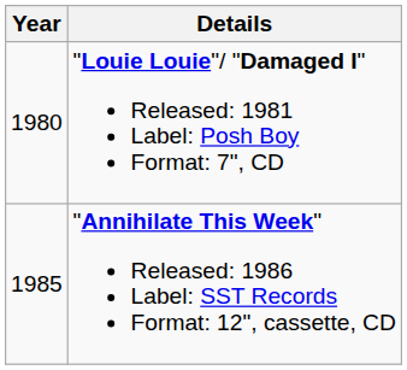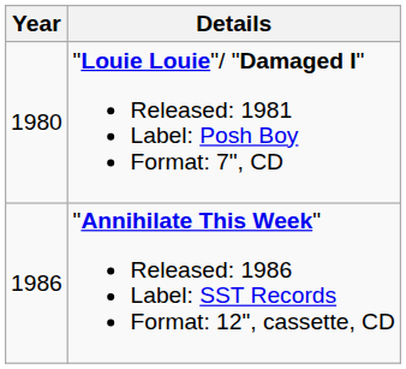 <table class ="wikitable">
 <tr>
 <th>Year</th>
 <th>Details</th>
 </tr>
 <tr>
 <td>1980</td>
 <td>"<strong><a href='#'>Louie Louie</a></strong>"/ "<strong>Damaged I</strong>"<br><ul><li>Released: 1981</li><li>Label: <a href='#'>Posh Boy</a></li><li>Format: 7", CD</li></ul></td>
 </tr>
 <tr>
-<td>1985</td>
+<td>1986</td>
 <td>"<strong><a href='#'>Annihilate This Week</a></strong>"<br><ul><li>Released: 1986</li><li>Label: <a href='#'>SST Records</a></li><li>Format: 12", cassette, CD</li></ul></td>
 </tr>
 </table>
